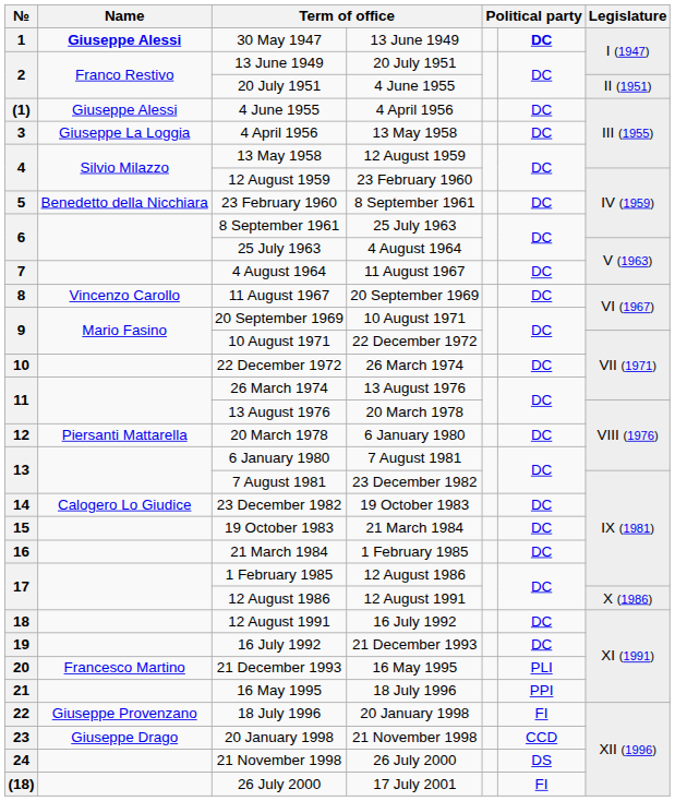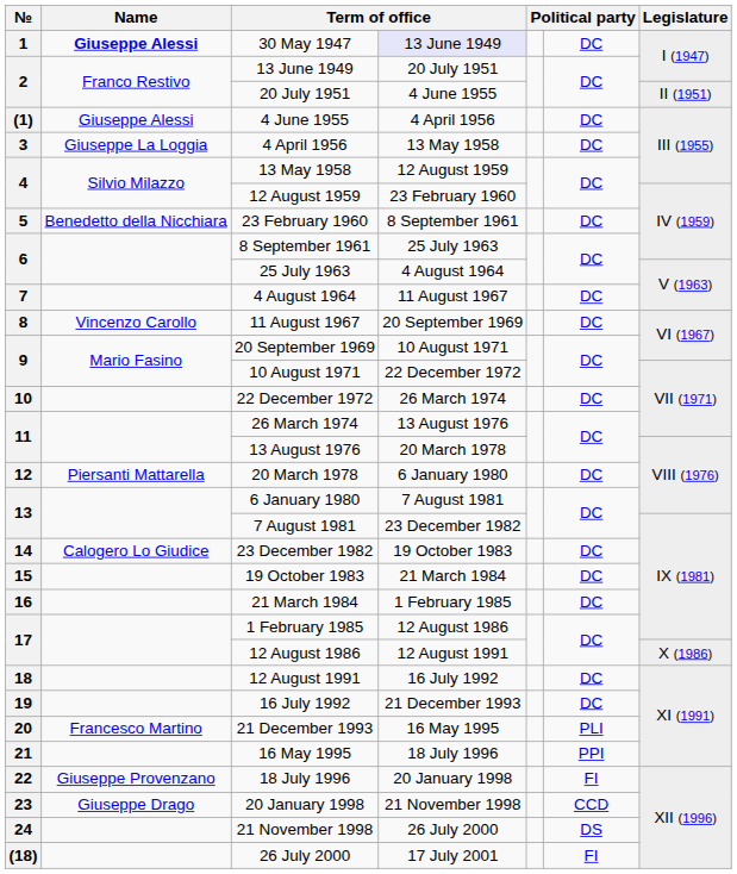 <table class="wikitable" style="text-align:center; border:1px #AAAAFF solid">
 <tr>
 <th>№</th>
 <th>Name</th>
 <th colspan=2>Term of office</th>
 <th colspan=2>Political party</th>
 <th>Legislature</th>
 </tr>
 <tr>
 <th>1</th>
 <td><strong><a href='#'>Giuseppe Alessi</a></strong></td>
 <td>30 May 1947</td>
-<td>13 June 1949</td>
+<td style="background: lavender;">13 June 1949</td>
 <td style="background:"></td>
-<td><strong><a href='#'>DC</a></strong></td>
+<td><a href='#'>DC</a></td>
 <td rowspan=2 bgcolor=#EEEEEE>I <small>(<a href='#'>1947</a>)</small></td>
 </tr>
 <tr>
 <th rowspan=2>2</th>
 <td rowspan=2><a href='#'>Franco Restivo</a></td>
 <td>13 June 1949</td>
 <td>20 July 1951</td>
 <td rowspan=2 style="background:"></td>
 <td rowspan=2><a href='#'>DC</a></td>
 </tr>
 <tr>
 <td>20 July 1951</td>
 <td>4 June 1955</td>
 <td rowspan=1 bgcolor=#EEEEEE>II <small>(<a href='#'>1951</a>)</small></td>
 </tr>
 <tr>
 <th>(1)</th>
 <td><a href='#'>Giuseppe Alessi</a></td>
 <td>4 June 1955</td>
 <td>4 April 1956</td>
 <td style="background:"></td>
 <td><a href='#'>DC</a></td>
 <td rowspan=3 bgcolor=#EEEEEE>III <small>(<a href='#'>1955</a>)</small></td>
 </tr>
 <tr>
 <th>3</th>
 <td><a href='#'>Giuseppe La Loggia</a></td>
 <td>4 April 1956</td>
 <td>13 May 1958</td>
 <td style="background:"></td>
 <td><a href='#'>DC</a></td>
 </tr>
 <tr>
 <th rowspan=2>4</th>
 <td rowspan=2><a href='#'>Silvio Milazzo</a></td>
 <td>13 May 1958</td>
 <td>12 August 1959</td>
 <td rowspan=2 style="background:"></td>
 <td rowspan=2><a href='#'>DC</a></td>
 </tr>
 <tr>
 <td>12 August 1959</td>
 <td>23 February 1960</td>
 <td rowspan=3 bgcolor=#EEEEEE>IV <small>(<a href='#'>1959</a>)</small></td>
 </tr>
 <tr>
 <th>5</th>
 <td><a href='#'>Benedetto della Nicchiara</a></td>
 <td>23 February 1960</td>
 <td>8 September 1961</td>
 <td style="background:"></td>
 <td><a href='#'>DC</a></td>
 </tr>
 <tr>
 <th rowspan=2>6</th>
 <td rowspan=2></td>
 <td>8 September 1961</td>
 <td>25 July 1963</td>
 <td rowspan=2 style="background:"></td>
 <td rowspan=2><a href='#'>DC</a></td>
 </tr>
 <tr>
 <td>25 July 1963</td>
 <td>4 August 1964</td>
 <td rowspan=2 bgcolor=#EEEEEE>V <small>(<a href='#'>1963</a>)</small></td>
 </tr>
 <tr>
 <th>7</th>
 <td></td>
 <td>4 August 1964</td>
 <td>11 August 1967</td>
 <td style="background:"></td>
 <td><a href='#'>DC</a></td>
 </tr>
 <tr>
 <th>8</th>
 <td><a href='#'>Vincenzo Carollo</a></td>
 <td>11 August 1967</td>
 <td>20 September 1969</td>
 <td style="background:"></td>
 <td><a href='#'>DC</a></td>
 <td rowspan=2 bgcolor=#EEEEEE>VI <small>(<a href='#'>1967</a>)</small></td>
 </tr>
 <tr>
 <th rowspan=2>9</th>
 <td rowspan=2><a href='#'>Mario Fasino</a></td>
 <td>20 September 1969</td>
 <td>10 August 1971</td>
 <td rowspan=2 style="background:"></td>
 <td rowspan=2><a href='#'>DC</a></td>
 </tr>
 <tr>
 <td>10 August 1971</td>
 <td>22 December 1972</td>
 <td rowspan=3 bgcolor=#EEEEEE>VII <small>(<a href='#'>1971</a>)</small></td>
 </tr>
 <tr>
 <th>10</th>
 <td></td>
 <td>22 December 1972</td>
 <td>26 March 1974</td>
 <td style="background:"></td>
 <td><a href='#'>DC</a></td>
 </tr>
 <tr>
 <th rowspan=2>11</th>
 <td rowspan=2></td>
 <td>26 March 1974</td>
 <td>13 August 1976</td>
 <td rowspan=2 style="background:"></td>
 <td rowspan=2><a href='#'>DC</a></td>
 </tr>
 <tr>
 <td>13 August 1976</td>
 <td>20 March 1978</td>
 <td rowspan=3 bgcolor=#EEEEEE>VIII <small>(<a href='#'>1976</a>)</small></td>
 </tr>
 <tr>
 <th>12</th>
 <td><a href='#'>Piersanti Mattarella</a></td>
 <td>20 March 1978</td>
 <td>6 January 1980</td>
 <td style="background:"></td>
 <td><a href='#'>DC</a></td>
 </tr>
 <tr>
 <th rowspan=2>13</th>
 <td rowspan=2></td>
 <td>6 January 1980</td>
 <td>7 August 1981</td>
 <td rowspan=2 style="background:"></td>
 <td rowspan=2><a href='#'>DC</a></td>
 </tr>
 <tr>
 <td>7 August 1981</td>
 <td>23 December 1982</td>
 <td rowspan=5 bgcolor=#EEEEEE>IX <small>(<a href='#'>1981</a>)</small></td>
 </tr>
 <tr>
 <th>14</th>
 <td><a href='#'>Calogero Lo Giudice</a></td>
 <td>23 December 1982</td>
 <td>19 October 1983</td>
 <td style="background:"></td>
 <td><a href='#'>DC</a></td>
 </tr>
 <tr>
 <th>15</th>
 <td></td>
 <td>19 October 1983</td>
 <td>21 March 1984</td>
 <td style="background:"></td>
 <td><a href='#'>DC</a></td>
 </tr>
 <tr>
 <th>16</th>
 <td></td>
 <td>21 March 1984</td>
 <td>1 February 1985</td>
 <td style="background:"></td>
 <td><a href='#'>DC</a></td>
 </tr>
 <tr>
 <th rowspan=2>17</th>
 <td rowspan=2></td>
 <td>1 February 1985</td>
 <td>12 August 1986</td>
 <td rowspan=2 style="background:"></td>
 <td rowspan=2><a href='#'>DC</a></td>
 </tr>
 <tr>
 <td>12 August 1986</td>
 <td>12 August 1991</td>
 <td rowspan=1 bgcolor=#EEEEEE>X <small>(<a href='#'>1986</a>)</small></td>
 </tr>
 <tr>
 <th>18</th>
 <td></td>
 <td>12 August 1991</td>
 <td>16 July 1992</td>
 <td style="background:"></td>
 <td><a href='#'>DC</a></td>
 <td rowspan=4 bgcolor=#EEEEEE>XI <small>(<a href='#'>1991</a>)</small></td>
 </tr>
 <tr>
 <th>19</th>
 <td></td>
 <td>16 July 1992</td>
 <td>21 December 1993</td>
 <td style="background:"></td>
 <td><a href='#'>DC</a></td>
 </tr>
 <tr>
 <th>20</th>
 <td><a href='#'>Francesco Martino</a></td>
 <td>21 December 1993</td>
 <td>16 May 1995</td>
 <td style="background:"></td>
 <td><a href='#'>PLI</a></td>
 </tr>
 <tr>
 <th>21</th>
 <td></td>
 <td>16 May 1995</td>
 <td>18 July 1996</td>
 <td style="background:"></td>
 <td><a href='#'>PPI</a></td>
 </tr>
 <tr>
 <th>22</th>
 <td><a href='#'>Giuseppe Provenzano</a></td>
 <td>18 July 1996</td>
 <td>20 January 1998</td>
 <td style="background:"></td>
 <td><a href='#'>FI</a></td>
 <td rowspan=4 bgcolor=#EEEEEE>XII <small>(<a href='#'>1996</a>)</small></td>
 </tr>
 <tr>
 <th>23</th>
 <td><a href='#'>Giuseppe Drago</a></td>
 <td>20 January 1998</td>
 <td>21 November 1998</td>
 <td style="background:"></td>
 <td><a href='#'>CCD</a></td>
 </tr>
 <tr>
 <th>24</th>
 <td></td>
 <td>21 November 1998</td>
 <td>26 July 2000</td>
 <td style="background:"></td>
 <td><a href='#'>DS</a></td>
 </tr>
 <tr>
 <th>(18)</th>
 <td></td>
 <td>26 July 2000</td>
 <td>17 July 2001</td>
 <td style="background:"></td>
 <td><a href='#'>FI</a></td>
 </tr>
 </table>
